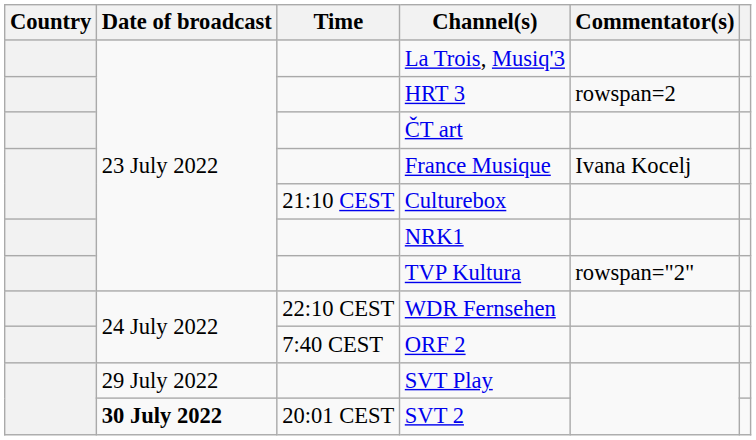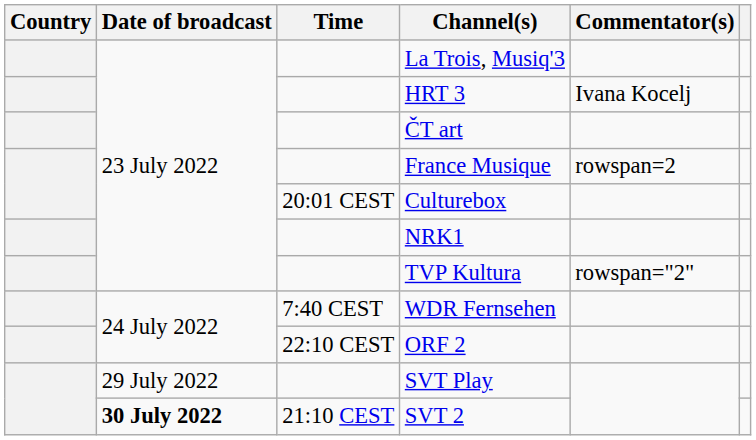 <table class="wikitable plainrowheaders sticky-header">
 <tr>
 <th scope="col">Country</th>
 <th scope="col">Date of broadcast</th>
 <th scope="col">Time</th>
 <th scope="col">Channel(s)</th>
 <th scope="col">Commentator(s)</th>
 <th scope="col"></th>
 </tr>
 <tr>
 <th scope="row"></th>
 <td rowspan="7">23 July 2022</td>
 <td></td>
 <td><a href='#'>La Trois</a>, <a href='#'>Musiq'3</a></td>
 <td></td>
 <td></td>
 </tr>
 <tr>
 <th scope="row"></th>
 <td></td>
 <td><a href='#'>HRT 3</a></td>
-<td>rowspan=2 </td>
+<td>Ivana Kocelj</td>
 <td></td>
 </tr>
 <tr>
 <th scope="row"></th>
 <td></td>
 <td><a href='#'>ČT art</a></td>
 <td></td>
 <td></td>
 </tr>
 <tr>
 <th scope="row" rowspan="2"></th>
 <td></td>
 <td><a href='#'>France Musique</a></td>
-<td>Ivana Kocelj</td>
+<td>rowspan=2 </td>
 <td></td>
 </tr>
 <tr>
-<td>21:10 <a href='#'>CEST</a></td>
+<td>20:01 CEST</td>
 <td><a href='#'>Culturebox</a></td>
 <td></td>
 </tr>
 <tr>
 <th scope="row"></th>
 <td></td>
 <td><a href='#'>NRK1</a></td>
 <td></td>
 <td></td>
 </tr>
 <tr>
 <th scope="row"></th>
 <td></td>
 <td><a href='#'>TVP Kultura</a></td>
 <td>rowspan="2" </td>
 <td></td>
 </tr>
 <tr>
 <th scope="row"></th>
 <td rowspan="2">24 July 2022</td>
-<td>22:10 CEST</td>
+<td>7:40 CEST</td>
 <td><a href='#'>WDR Fernsehen</a></td>
 <td></td>
 </tr>
 <tr>
 <th scope="row"></th>
-<td>7:40 CEST</td>
+<td>22:10 CEST</td>
 <td><a href='#'>ORF 2</a></td>
 <td></td>
 <td></td>
 </tr>
 <tr>
 <th scope="row" rowspan="2"></th>
 <td>29 July 2022</td>
 <td></td>
 <td><a href='#'>SVT Play</a></td>
 <td rowspan="2"></td>
 <td></td>
 </tr>
 <tr>
 <td><strong>30 July 2022</strong></td>
-<td>20:01 CEST</td>
+<td>21:10 <a href='#'>CEST</a></td>
 <td><a href='#'>SVT 2</a></td>
 <td></td>
 </tr>
 </table>
